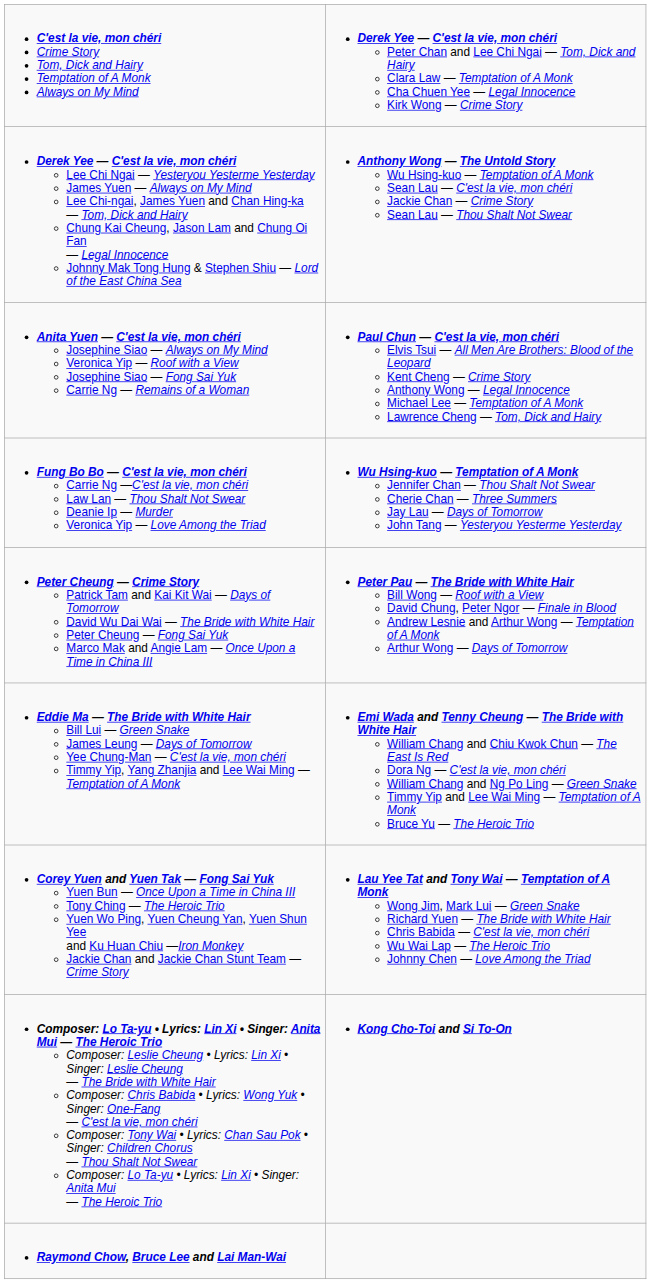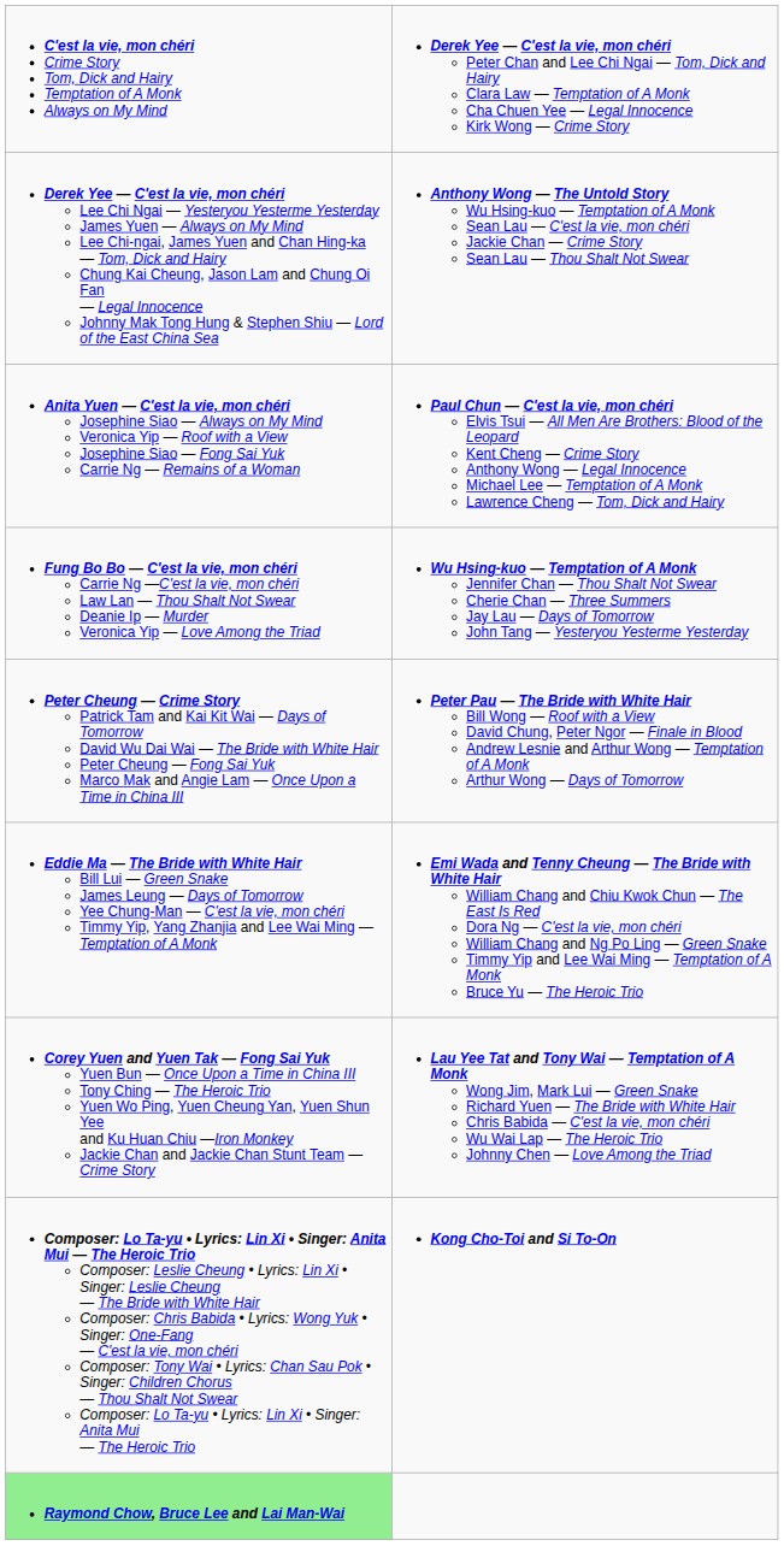 <table class=wikitable>
 <tr>
 <td valign="top" width="50%"><br><ul><li><strong><em><a href='#'>C'est la vie, mon chéri</a></em></strong></li><li><em><a href='#'>Crime Story</a></em></li><li><em><a href='#'>Tom, Dick and Hairy</a></em></li><li><em><a href='#'>Temptation of A Monk</a></em></li><li><em><a href='#'>Always on My Mind</a></em></li></ul></td>
 <td valign="top" width="50%"><br><ul><li><strong><em><a href='#'>Derek Yee</a> — <a href='#'>C'est la vie, mon chéri</a></em></strong><ul><li><a href='#'>Peter Chan</a> and <a href='#'>Lee Chi Ngai</a> — <em><a href='#'>Tom, Dick and Hairy</a></em></li><li><a href='#'>Clara Law</a> — <em><a href='#'>Temptation of A Monk</a></em></li><li><a href='#'>Cha Chuen Yee</a> — <em><a href='#'>Legal Innocence</a></em></li><li><a href='#'>Kirk Wong</a> — <em><a href='#'>Crime Story</a></em></li></ul></li></ul></td>
 </tr>
 <tr>
 <td valign="top" width="50%"><br><ul><li><strong><em><a href='#'>Derek Yee</a> — <a href='#'>C'est la vie, mon chéri</a></em></strong><ul><li><a href='#'>Lee Chi Ngai</a> — <em><a href='#'>Yesteryou Yesterme Yesterday</a></em></li><li><a href='#'>James Yuen</a> — <em><a href='#'>Always on My Mind</a></em></li><li><a href='#'>Lee Chi-ngai</a>, <a href='#'>James Yuen</a> and <a href='#'>Chan Hing-ka</a> <br>— <em><a href='#'>Tom, Dick and Hairy</a></em></li><li><a href='#'>Chung Kai Cheung</a>, <a href='#'>Jason Lam</a> and <a href='#'>Chung Oi Fan</a> <br>— <em><a href='#'>Legal Innocence</a></em></li><li><a href='#'>Johnny Mak Tong Hung</a> & <a href='#'>Stephen Shiu</a> — <em><a href='#'>Lord of the East China Sea</a></em></li></ul></li></ul></td>
 <td valign="top" width="50%"><br><ul><li><strong><em><a href='#'>Anthony Wong</a> — <a href='#'>The Untold Story</a></em></strong><ul><li><a href='#'>Wu Hsing-kuo</a> — <em><a href='#'>Temptation of A Monk</a></em></li><li><a href='#'>Sean Lau</a> — <em><a href='#'>C'est la vie, mon chéri</a></em></li><li><a href='#'>Jackie Chan</a> —<em> <a href='#'>Crime Story</a></em></li><li><a href='#'>Sean Lau</a> — <em><a href='#'>Thou Shalt Not Swear</a></em></li></ul></li></ul></td>
 </tr>
 <tr>
 <td valign="top" width="50%"><br><ul><li><strong><em><a href='#'>Anita Yuen</a> — <a href='#'>C'est la vie, mon chéri</a></em></strong><ul><li><a href='#'>Josephine Siao</a> — <em><a href='#'>Always on My Mind</a></em></li><li><a href='#'>Veronica Yip</a> —<em> <a href='#'>Roof with a View</a></em></li><li><a href='#'>Josephine Siao</a> — <em><a href='#'>Fong Sai Yuk</a></em></li><li><a href='#'>Carrie Ng</a> — <em><a href='#'>Remains of a Woman</a></em></li></ul></li></ul></td>
 <td valign="top" width="50%"><br><ul><li><strong><em><a href='#'>Paul Chun</a> — <a href='#'>C'est la vie, mon chéri</a></em></strong><ul><li><a href='#'>Elvis Tsui</a> — <em><a href='#'>All Men Are Brothers: Blood of the Leopard</a></em></li><li><a href='#'>Kent Cheng</a> — <em><a href='#'>Crime Story</a></em></li><li><a href='#'>Anthony Wong</a> — <em><a href='#'>Legal Innocence</a></em></li><li><a href='#'>Michael Lee</a> — <em><a href='#'>Temptation of A Monk</a></em></li><li><a href='#'>Lawrence Cheng</a> —<em> <a href='#'>Tom, Dick and Hairy</a></em></li></ul></li></ul></td>
 </tr>
 <tr>
 <td valign="top" width="50%"><br><ul><li><strong><em><a href='#'>Fung Bo Bo</a> — <a href='#'>C'est la vie, mon chéri</a></em></strong><ul><li><a href='#'>Carrie Ng</a> —<em><a href='#'>C'est la vie, mon chéri</a></em></li><li><a href='#'>Law Lan</a> — <em><a href='#'>Thou Shalt Not Swear</a></em></li><li><a href='#'>Deanie Ip</a> — <em><a href='#'>Murder</a></em></li><li><a href='#'>Veronica Yip</a> —<em> <a href='#'>Love Among the Triad</a></em></li></ul></li></ul></td>
 <td valign="top" width="50%"><br><ul><li><strong><em><a href='#'>Wu Hsing-kuo</a> — <a href='#'>Temptation of A Monk</a></em></strong><ul><li><a href='#'>Jennifer Chan</a> — <em><a href='#'>Thou Shalt Not Swear</a></em></li><li><a href='#'>Cherie Chan</a> — <em><a href='#'>Three Summers</a></em></li><li><a href='#'>Jay Lau</a> — <em><a href='#'>Days of Tomorrow</a></em></li><li><a href='#'>John Tang</a> — <em><a href='#'>Yesteryou Yesterme Yesterday</a></em></li></ul></li></ul></td>
 </tr>
 <tr>
 <td valign="top" width="50%"><br><ul><li><strong><em><a href='#'>Peter Cheung</a> — <a href='#'>Crime Story</a></em></strong><ul><li><a href='#'>Patrick Tam</a> and <a href='#'>Kai Kit Wai</a> — <em><a href='#'>Days of Tomorrow</a></em></li><li><a href='#'>David Wu Dai Wai</a> — <em><a href='#'>The Bride with White Hair</a></em></li><li><a href='#'>Peter Cheung</a> — <em><a href='#'>Fong Sai Yuk</a></em></li><li><a href='#'>Marco Mak</a> and <a href='#'>Angie Lam</a> — <em><a href='#'>Once Upon a Time in China III</a></em></li></ul></li></ul></td>
 <td valign="top" width="50%"><br><ul><li><strong><em><a href='#'>Peter Pau</a> — <a href='#'>The Bride with White Hair</a></em></strong><ul><li><a href='#'>Bill Wong</a> — <em><a href='#'>Roof with a View</a></em></li><li><a href='#'>David Chung</a>, <a href='#'>Peter Ngor</a> — <em><a href='#'>Finale in Blood</a></em></li><li><a href='#'>Andrew Lesnie</a> and <a href='#'>Arthur Wong</a> — <em><a href='#'>Temptation of A Monk</a></em></li><li><a href='#'>Arthur Wong</a> — <em><a href='#'>Days of Tomorrow</a></em></li></ul></li></ul></td>
 </tr>
 <tr>
 <td valign="top" width="50%"><br><ul><li><strong><em><a href='#'>Eddie Ma</a> — <a href='#'>The Bride with White Hair</a></em></strong><ul><li><a href='#'>Bill Lui</a> — <em><a href='#'>Green Snake</a></em></li><li><a href='#'>James Leung</a> — <em><a href='#'>Days of Tomorrow</a></em></li><li><a href='#'>Yee Chung-Man</a> — <em><a href='#'>C'est la vie, mon chéri</a></em></li><li><a href='#'>Timmy Yip</a>, <a href='#'>Yang Zhanjia</a> and <a href='#'>Lee Wai Ming</a> — <em><a href='#'>Temptation of A Monk</a></em></li></ul></li></ul></td>
 <td valign="top" width="50%"><br><ul><li><strong><em><a href='#'>Emi Wada</a> and <a href='#'>Tenny Cheung</a> — <a href='#'>The Bride with White Hair</a></em></strong><ul><li><a href='#'>William Chang</a> and <a href='#'>Chiu Kwok Chun</a> — <em><a href='#'>The East Is Red</a></em></li><li><a href='#'>Dora Ng</a> — <em><a href='#'>C'est la vie, mon chéri</a></em></li><li><a href='#'>William Chang</a> and <a href='#'>Ng Po Ling</a> —<em> <a href='#'>Green Snake</a></em></li><li><a href='#'>Timmy Yip</a> and <a href='#'>Lee Wai Ming</a> — <em><a href='#'>Temptation of A Monk</a></em></li><li><a href='#'>Bruce Yu</a> — <em><a href='#'>The Heroic Trio</a></em></li></ul></li></ul></td>
 </tr>
 <tr>
 <td valign="top" width="50%"><br><ul><li><strong><em><a href='#'>Corey Yuen</a> and <a href='#'>Yuen Tak</a> — <a href='#'>Fong Sai Yuk</a></em></strong><ul><li><a href='#'>Yuen Bun</a> — <em><a href='#'>Once Upon a Time in China III</a></em></li><li><a href='#'>Tony Ching</a> —<em> <a href='#'>The Heroic Trio</a></em></li><li><a href='#'>Yuen Wo Ping</a>, <a href='#'>Yuen Cheung Yan</a>, <a href='#'>Yuen Shun Yee</a> <br>and <a href='#'>Ku Huan Chiu</a> —<em><a href='#'>Iron Monkey</a></em></li><li><a href='#'>Jackie Chan</a> and <a href='#'>Jackie Chan Stunt Team</a> — <em><a href='#'>Crime Story</a></em></li></ul></li></ul></td>
 <td valign="top" width="50%"><br><ul><li><strong><em><a href='#'>Lau Yee Tat</a> and <a href='#'>Tony Wai</a> — <a href='#'>Temptation of A Monk</a></em></strong><ul><li><a href='#'>Wong Jim</a>, <a href='#'>Mark Lui</a> —<em> <a href='#'>Green Snake</a></em></li><li><a href='#'>Richard Yuen</a> — <em><a href='#'>The Bride with White Hair</a></em></li><li><a href='#'>Chris Babida</a> — <em><a href='#'>C'est la vie, mon chéri</a></em></li><li><a href='#'>Wu Wai Lap</a> —<em> <a href='#'>The Heroic Trio</a></em></li><li><a href='#'>Johnny Chen</a> — <em><a href='#'>Love Among the Triad</a></em></li></ul></li></ul></td>
 </tr>
 <tr>
 <td valign="top" width="50%"><br><ul><li><strong><em>Composer: <a href='#'>Lo Ta-yu</a> • Lyrics: <a href='#'>Lin Xi</a> • Singer: <a href='#'>Anita Mui</a> —  <a href='#'>The Heroic Trio</a></em></strong><ul><li><em>Composer: <a href='#'>Leslie Cheung</a> • Lyrics: <a href='#'>Lin Xi</a> • Singer: <a href='#'>Leslie Cheung</a> <br>—  <a href='#'>The Bride with White Hair</a></em></li><li><em>Composer: <a href='#'>Chris Babida</a> • Lyrics: <a href='#'>Wong Yuk</a> • Singer: <a href='#'>One-Fang</a> <br>—  <a href='#'>C'est la vie, mon chéri</a></em></li><li><em>Composer: <a href='#'>Tony Wai</a> • Lyrics: <a href='#'>Chan Sau Pok</a> • Singer: <a href='#'>Children Chorus</a><br> —  <a href='#'>Thou Shalt Not Swear</a></em></li><li><em>Composer: <a href='#'>Lo Ta-yu</a> • Lyrics: <a href='#'>Lin Xi</a> • Singer: <a href='#'>Anita Mui</a> <br> —  <a href='#'>The Heroic Trio</a></em></li></ul></li></ul></td>
 <td valign="top" width="50%"><br><ul><li><strong><em><a href='#'>Kong Cho-Toi</a> and <a href='#'>Si To-On</a></em></strong></li></ul></td>
 </tr>
 <tr>
-<td valign="top" width="50%"><br><ul><li><strong><em><a href='#'>Raymond Chow</a>, <a href='#'>Bruce Lee</a> and <a href='#'>Lai Man-Wai</a></em></strong></li></ul></td>
+<td valign="top" width="50%" style="background: lightgreen;"><br><ul><li><strong><em><a href='#'>Raymond Chow</a>, <a href='#'>Bruce Lee</a> and <a href='#'>Lai Man-Wai</a></em></strong></li></ul></td>
 </tr>
 </table>
